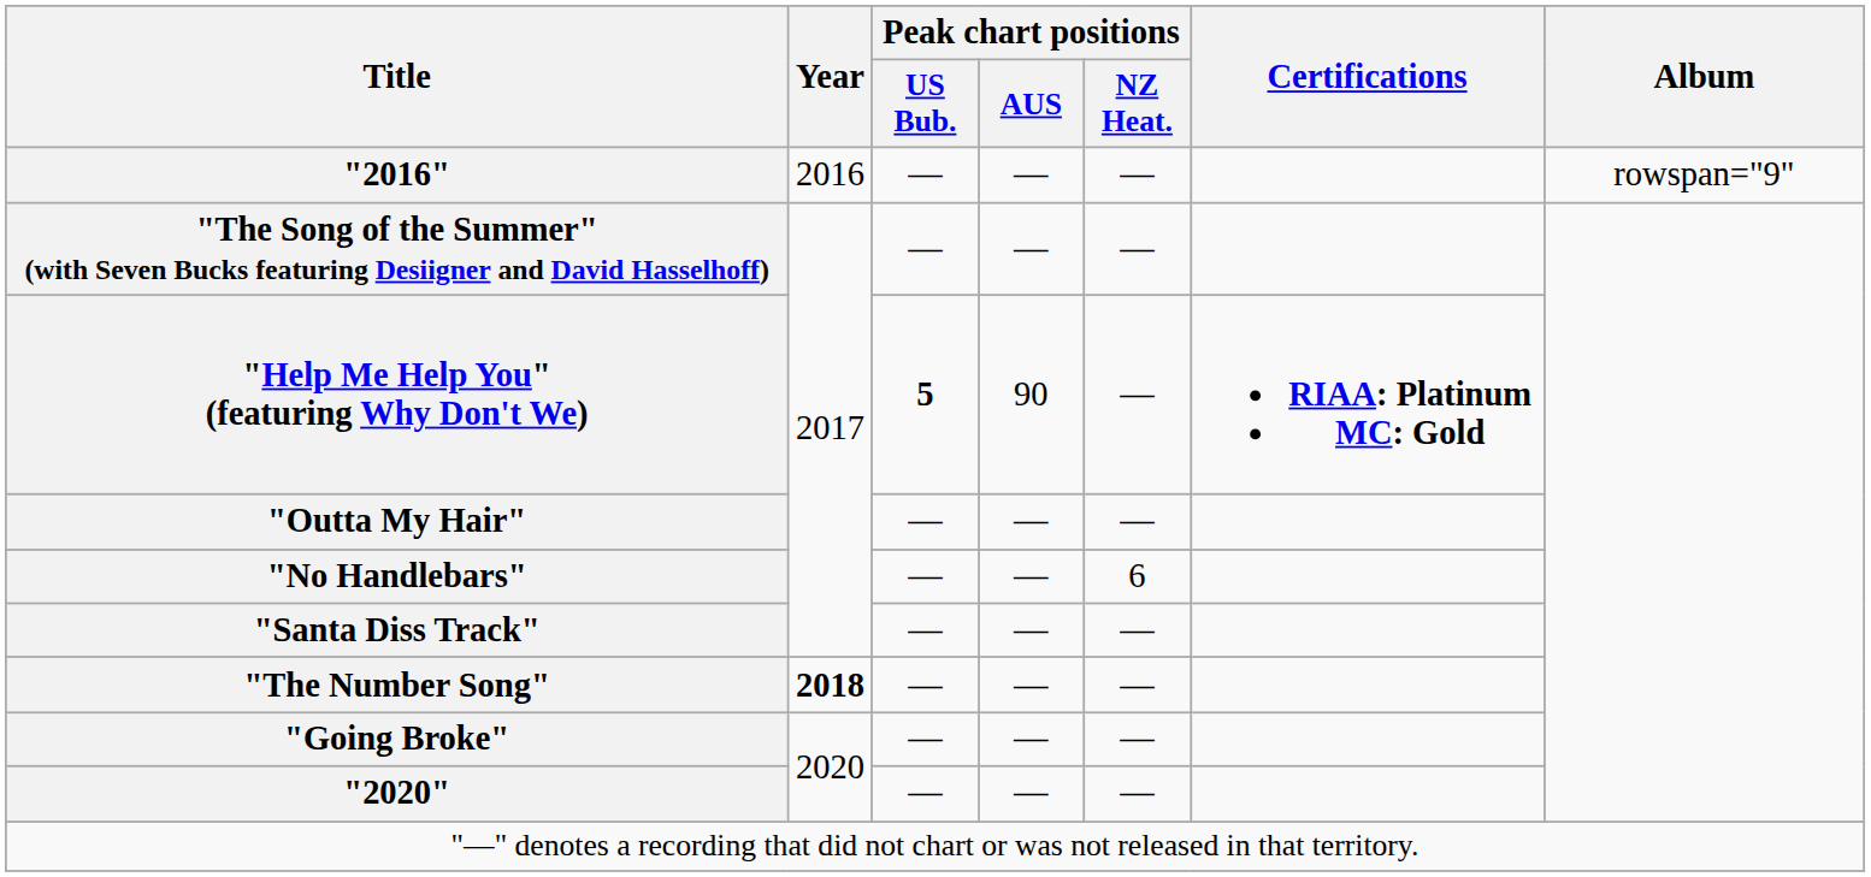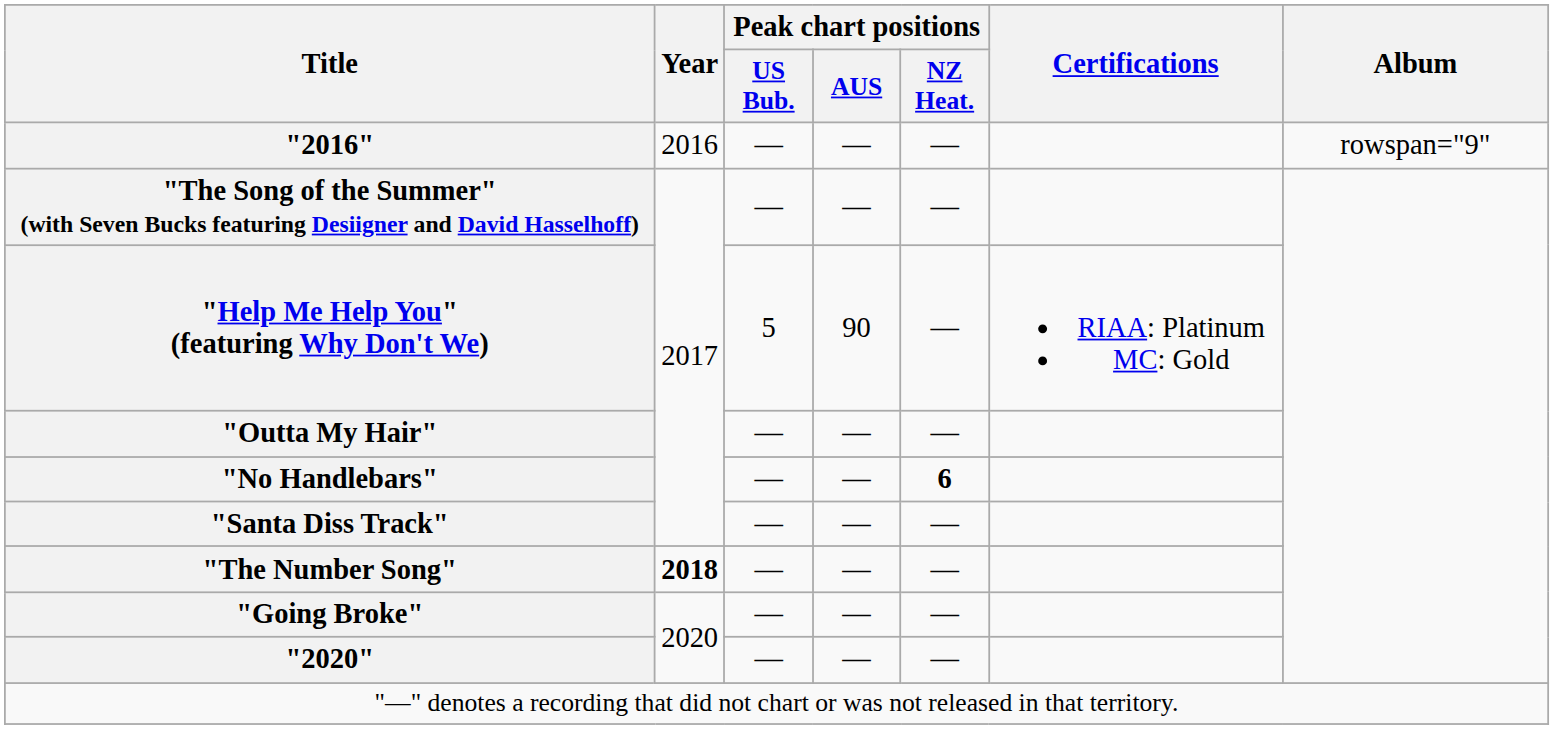 <table class="wikitable plainrowheaders" style="text-align:center;">
 <tr>
 <th scope="col" rowspan="2" style="width:23em;">Title</th>
 <th scope="col" rowspan="2" style="width:1em;">Year</th>
 <th scope="col" colspan="3" style="width:1em;">Peak chart positions</th>
 <th scope="col" rowspan="2" style="width:10em;"><a href='#'>Certifications</a></th>
 <th scope="col" rowspan="2" style="width:9em;">Album</th>
 </tr>
 <tr>
 <th scope="col" style="width:3em;font-size:90%;"><a href='#'>US<br>Bub.</a><br></th>
 <th scope="col" style="width:3em;font-size:90%;"><a href='#'>AUS</a><br></th>
 <th scope="col" style="width:3em;font-size:90%;"><a href='#'>NZ<br>Heat.</a><br></th>
 </tr>
 <tr>
 <th scope="row">"2016"</th>
 <td>2016</td>
 <td>—</td>
 <td>—</td>
 <td>—</td>
 <td></td>
 <td>rowspan="9" </td>
 </tr>
 <tr>
 <th scope="row">"The Song of the Summer"<br><small>(with Seven Bucks featuring <a href='#'>Desiigner</a> and <a href='#'>David Hasselhoff</a>)</small></th>
 <td rowspan="5">2017</td>
 <td>—</td>
 <td>—</td>
 <td>—</td>
 <td></td>
 </tr>
 <tr>
 <th scope="row">"<a href='#'>Help Me Help You</a>"<br><span>(featuring <a href='#'>Why Don't We</a>)</span></th>
-<td><strong>5</strong></td>
+<td>5</td>
 <td>90</td>
 <td>—</td>
-<td><strong><br><ul><li><a href='#'>RIAA</a>: Platinum</li><li><a href='#'>MC</a>: Gold</li></ul></strong></td>
+<td><br><ul><li><a href='#'>RIAA</a>: Platinum</li><li><a href='#'>MC</a>: Gold</li></ul></td>
 </tr>
 <tr>
 <th scope="row">"Outta My Hair"</th>
 <td>—</td>
 <td>—</td>
 <td>—</td>
 <td></td>
 </tr>
 <tr>
 <th scope="row">"No Handlebars"</th>
 <td>—</td>
 <td>—</td>
-<td>6</td>
+<td><strong>6</strong></td>
 <td></td>
 </tr>
 <tr>
 <th scope="row">"Santa Diss Track"</th>
 <td>—</td>
 <td>—</td>
 <td>—</td>
 <td></td>
 </tr>
 <tr>
 <th scope="row">"The Number Song"</th>
 <td><strong>2018</strong></td>
 <td>—</td>
 <td>—</td>
 <td>—</td>
 <td></td>
 </tr>
 <tr>
 <th scope="row">"Going Broke"</th>
 <td rowspan="2">2020</td>
 <td>—</td>
 <td>—</td>
 <td>—</td>
 <td></td>
 </tr>
 <tr>
 <th scope="row">"2020"</th>
 <td>—</td>
 <td>—</td>
 <td>—</td>
 <td></td>
 </tr>
 <tr>
 <td colspan="10" style="font-size:90%">"—" denotes a recording that did not chart or was not released in that territory.</td>
 </tr>
 </table>
